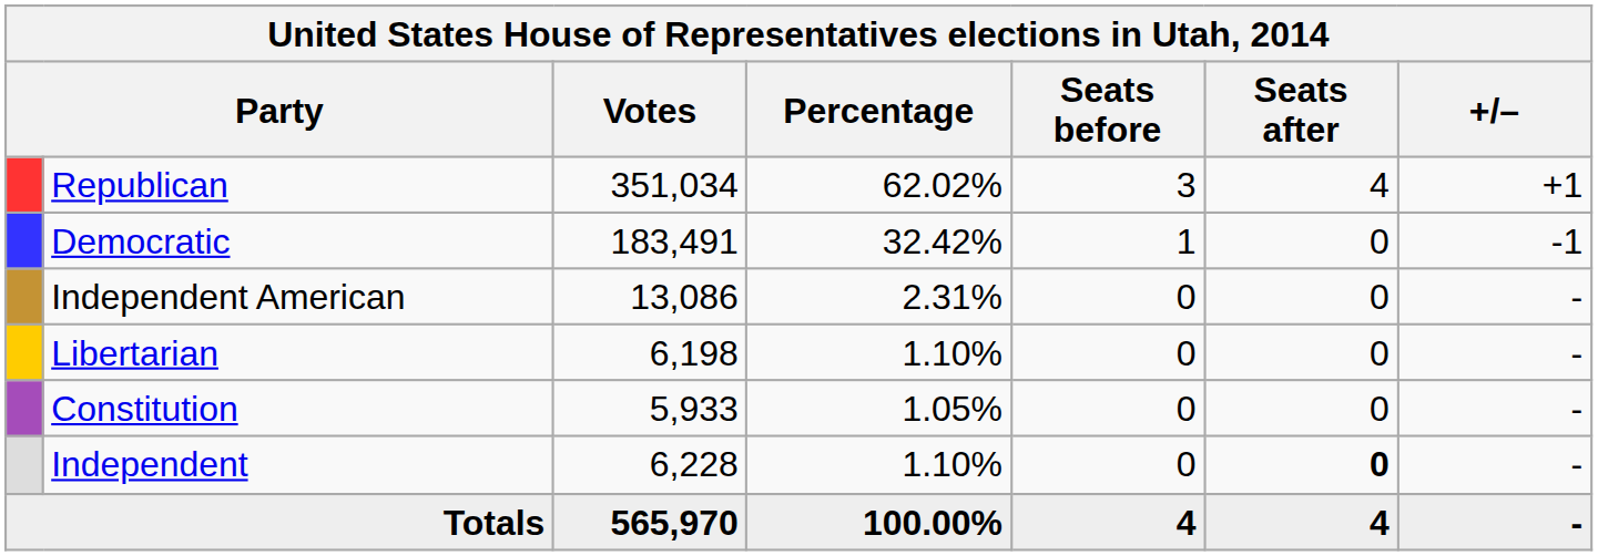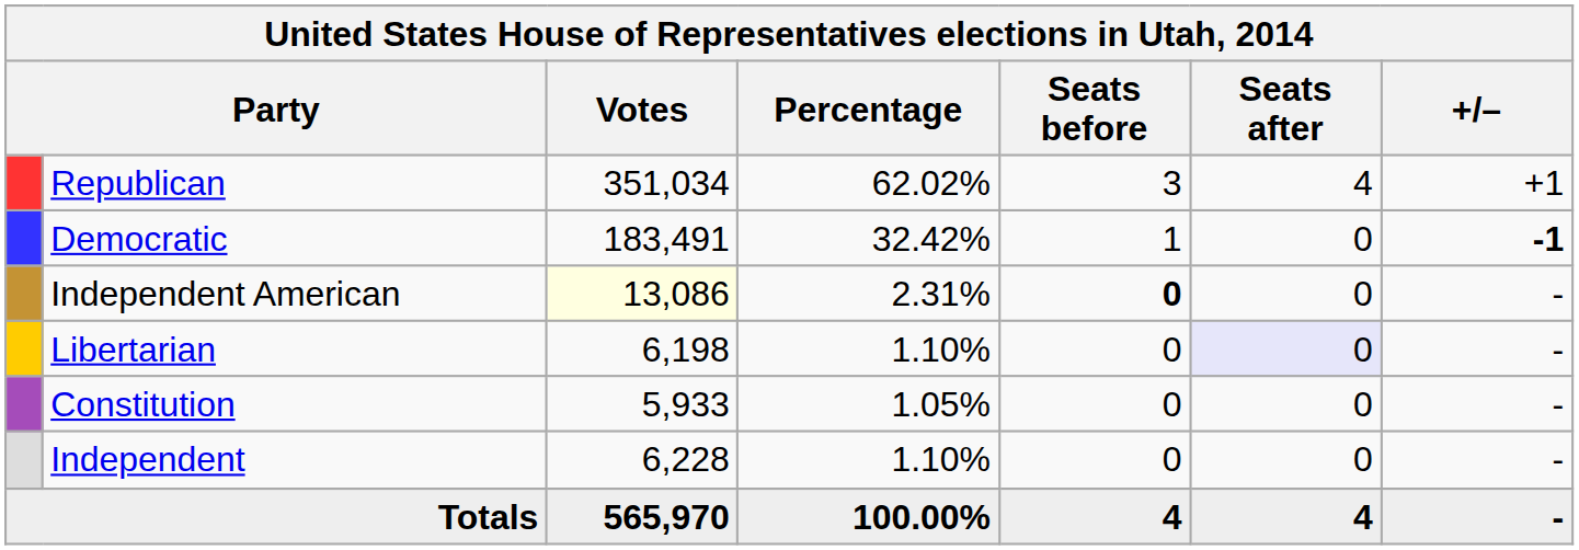 <table class="wikitable" style="font-size: 95%;">
 <tr>
 <th colspan="7">United States House of Representatives elections in Utah, 2014</th>
 </tr>
 <tr>
 <th colspan=2 style="width: 15em">Party</th>
 <th style="width: 5em">Votes</th>
 <th style="width: 7em">Percentage</th>
 <th style="width: 5em">Seats before</th>
 <th style="width: 5em">Seats after</th>
 <th style="width: 5em">+/–</th>
 </tr>
 <tr>
 <th style="background-color:#FF3333; width: 3px"></th>
 <td style="width: 130px"><a href='#'>Republican</a></td>
 <td align="right">351,034</td>
 <td align="right">62.02%</td>
 <td align="right">3</td>
 <td align="right">4</td>
 <td align="right">+1</td>
 </tr>
 <tr>
 <th style="background-color:#3333FF; width: 3px"></th>
 <td style="width: 130px"><a href='#'>Democratic</a></td>
 <td align="right">183,491</td>
 <td align="right">32.42%</td>
 <td align="right">1</td>
 <td align="right">0</td>
-<td align="right">-1</td>
+<td align="right"><strong>-1</strong></td>
 </tr>
 <tr>
 <th style="background-color:#c49334; width: 3px"></th>
 <td style="width: 130px">Independent American</td>
-<td align="right">13,086</td>
+<td align="right" style="background: lightyellow;">13,086</td>
 <td align="right">2.31%</td>
-<td align="right">0</td>
+<td align="right"><strong>0</strong></td>
 <td align="right">0</td>
 <td align="right">-</td>
 </tr>
 <tr>
 <th style="background-color:#FFCC00; width: 3px"></th>
 <td style="width: 130px"><a href='#'>Libertarian</a></td>
 <td align="right">6,198</td>
 <td align="right">1.10%</td>
 <td align="right">0</td>
-<td align="right">0</td>
+<td align="right" style="background: lavender;">0</td>
 <td align="right">-</td>
 </tr>
 <tr>
 <th style="background-color:#A54CBA; width: 3px"></th>
 <td style="width: 130px"><a href='#'>Constitution</a></td>
 <td align="right">5,933</td>
 <td align="right">1.05%</td>
 <td align="right">0</td>
 <td align="right">0</td>
 <td align="right">-</td>
 </tr>
 <tr>
 <th style="background-color:#DDDDDD; width: 3px"></th>
 <td style="width: 130px"><a href='#'>Independent</a></td>
 <td align="right">6,228</td>
 <td align="right">1.10%</td>
 <td align="right">0</td>
-<td align="right"><strong>0</strong></td>
+<td align="right">0</td>
 <td align="right">-</td>
 </tr>
 <tr bgcolor="#EEEEEE">
 <td colspan="2" align="right"><strong>Totals</strong></td>
 <td align="right"><strong>565,970</strong></td>
 <td align="right"><strong>100.00%</strong></td>
 <td align="right"><strong>4</strong></td>
 <td align="right"><strong>4</strong></td>
 <td align="right"><strong>-</strong></td>
 </tr>
 </table>
